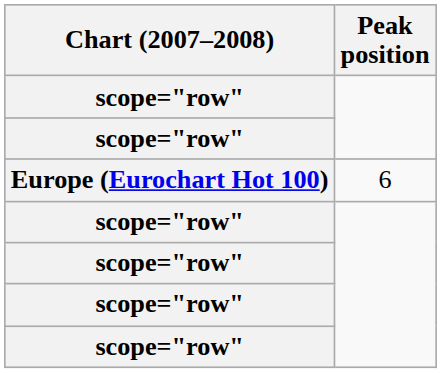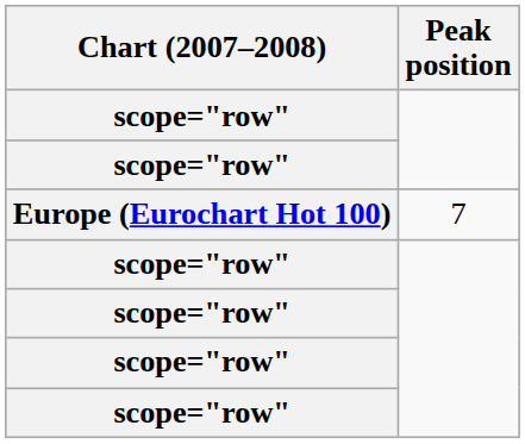 <table class="wikitable sortable plainrowheaders" style="text-align:center">
 <tr>
 <th scope="col">Chart (2007–2008)</th>
 <th scope="col">Peak<br>position</th>
 </tr>
 <tr>
 <th>scope="row" </th>
 </tr>
 <tr>
 <th>scope="row" </th>
 </tr>
 <tr>
 <th scope="row">Europe (<a href='#'>Eurochart Hot 100</a>)</th>
-<td>6</td>
+<td>7</td>
 </tr>
 <tr>
 <th>scope="row" </th>
 </tr>
 <tr>
 <th>scope="row" </th>
 </tr>
 <tr>
 <th>scope="row" </th>
 </tr>
 <tr>
 <th>scope="row" </th>
 </tr>
 </table>
